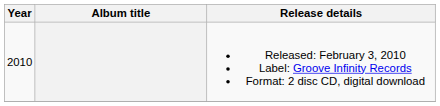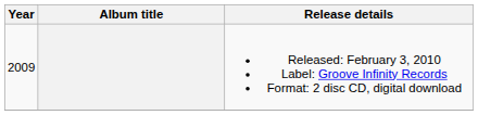 <table class="wikitable plainrowheaders" style="text-align:center;">
 <tr>
 <th>Year</th>
 <th scope="col" rowspan="1" style="width:15em;">Album title</th>
 <th scope="col" rowspan="1" style="width:20em;">Release details</th>
 </tr>
 <tr>
-<td>2010</td>
+<td>2009</td>
 <th></th>
 <td><br><ul><li>Released: February 3, 2010</li><li>Label: <a href='#'>Groove Infinity Records</a></li><li>Format: 2 disc CD, digital download</li></ul></td>
 </tr>
 <tr>
 </tr>
 </table>
